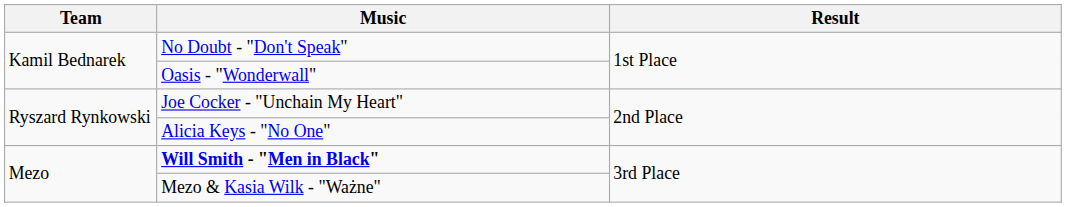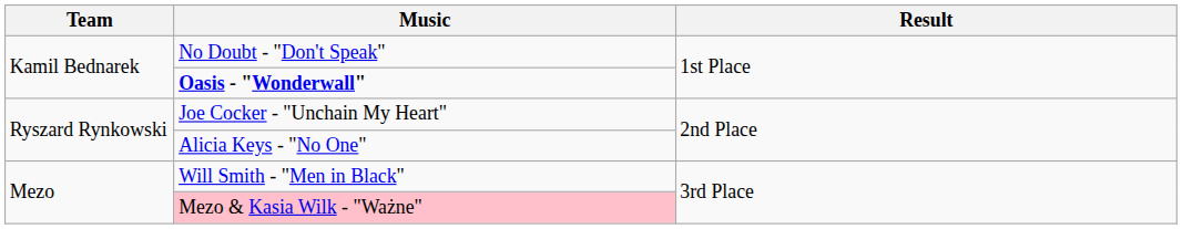 <table class="wikitable">
 <tr>
 <th style="width:130px;">Team</th>
 <th style="width:400px;">Music</th>
 <th style="width:400px;">Result</th>
 </tr>
 <tr>
 <td rowspan="2">Kamil Bednarek</td>
 <td><a href='#'>No Doubt</a> - "<a href='#'>Don't Speak</a>"</td>
 <td rowspan="2">1st Place</td>
 </tr>
 <tr>
-<td><a href='#'>Oasis</a> - "<a href='#'>Wonderwall</a>"</td>
+<td><strong><a href='#'>Oasis</a> - "<a href='#'>Wonderwall</a>"</strong></td>
 </tr>
 <tr>
 <td rowspan="2">Ryszard Rynkowski</td>
 <td><a href='#'>Joe Cocker</a> - "Unchain My Heart"</td>
 <td rowspan="2">2nd Place</td>
 </tr>
 <tr>
 <td><a href='#'>Alicia Keys</a> - "<a href='#'>No One</a>"</td>
 </tr>
 <tr>
 <td rowspan="2">Mezo</td>
-<td><strong><a href='#'>Will Smith</a> - "<a href='#'>Men in Black</a>"</strong></td>
+<td><a href='#'>Will Smith</a> - "<a href='#'>Men in Black</a>"</td>
 <td rowspan="2">3rd Place</td>
 </tr>
 <tr>
-<td>Mezo & <a href='#'>Kasia Wilk</a> - "Ważne"</td>
+<td style="background: pink;">Mezo & <a href='#'>Kasia Wilk</a> - "Ważne"</td>
 </tr>
 </table>
